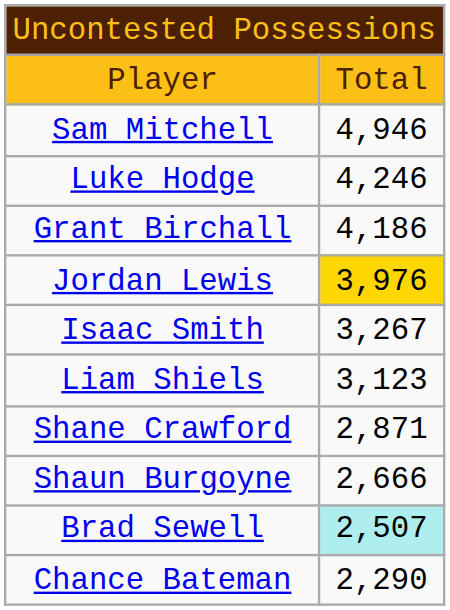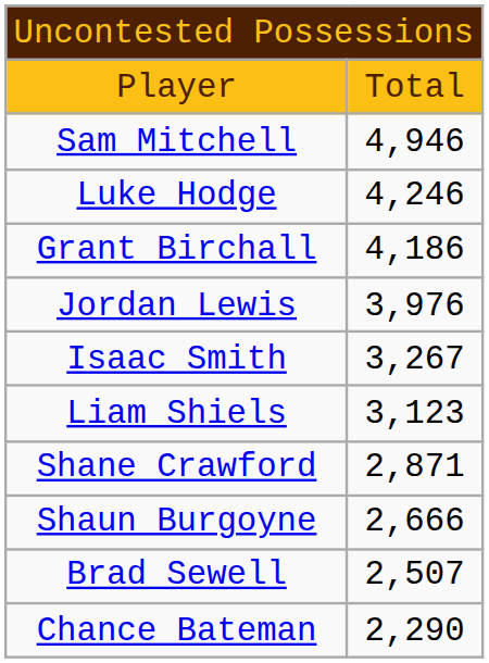 <table class="wikitable" style="text-align:center;">
 <tr>
 <td colspan="2" style="text-align:center; background: #4D2004; color: #FBBF15">Uncontested Possessions</td>
 </tr>
 <tr>
 <td style="text-align:center; background: #FBBF15; color: #4D2004">Player</td>
 <td style="text-align:center; background: #FBBF15; color: #4D2004">Total</td>
 </tr>
 <tr>
 <td><a href='#'>Sam Mitchell</a></td>
 <td>4,946</td>
 </tr>
 <tr>
 <td><a href='#'>Luke Hodge</a></td>
 <td>4,246</td>
 </tr>
 <tr>
 <td><a href='#'>Grant Birchall</a></td>
 <td>4,186</td>
 </tr>
 <tr>
 <td><a href='#'>Jordan Lewis</a></td>
-<td style="background: gold;">3,976</td>
+<td>3,976</td>
 </tr>
 <tr>
 <td><a href='#'>Isaac Smith</a></td>
 <td>3,267</td>
 </tr>
 <tr>
 <td><a href='#'>Liam Shiels</a></td>
 <td>3,123</td>
 </tr>
 <tr>
 <td><a href='#'>Shane Crawford</a></td>
 <td>2,871</td>
 </tr>
 <tr>
 <td><a href='#'>Shaun Burgoyne</a></td>
 <td>2,666</td>
 </tr>
 <tr>
 <td><a href='#'>Brad Sewell</a></td>
-<td style="background: paleturquoise;">2,507</td>
+<td>2,507</td>
 </tr>
 <tr>
 <td><a href='#'>Chance Bateman</a></td>
 <td>2,290</td>
 </tr>
 </table>
